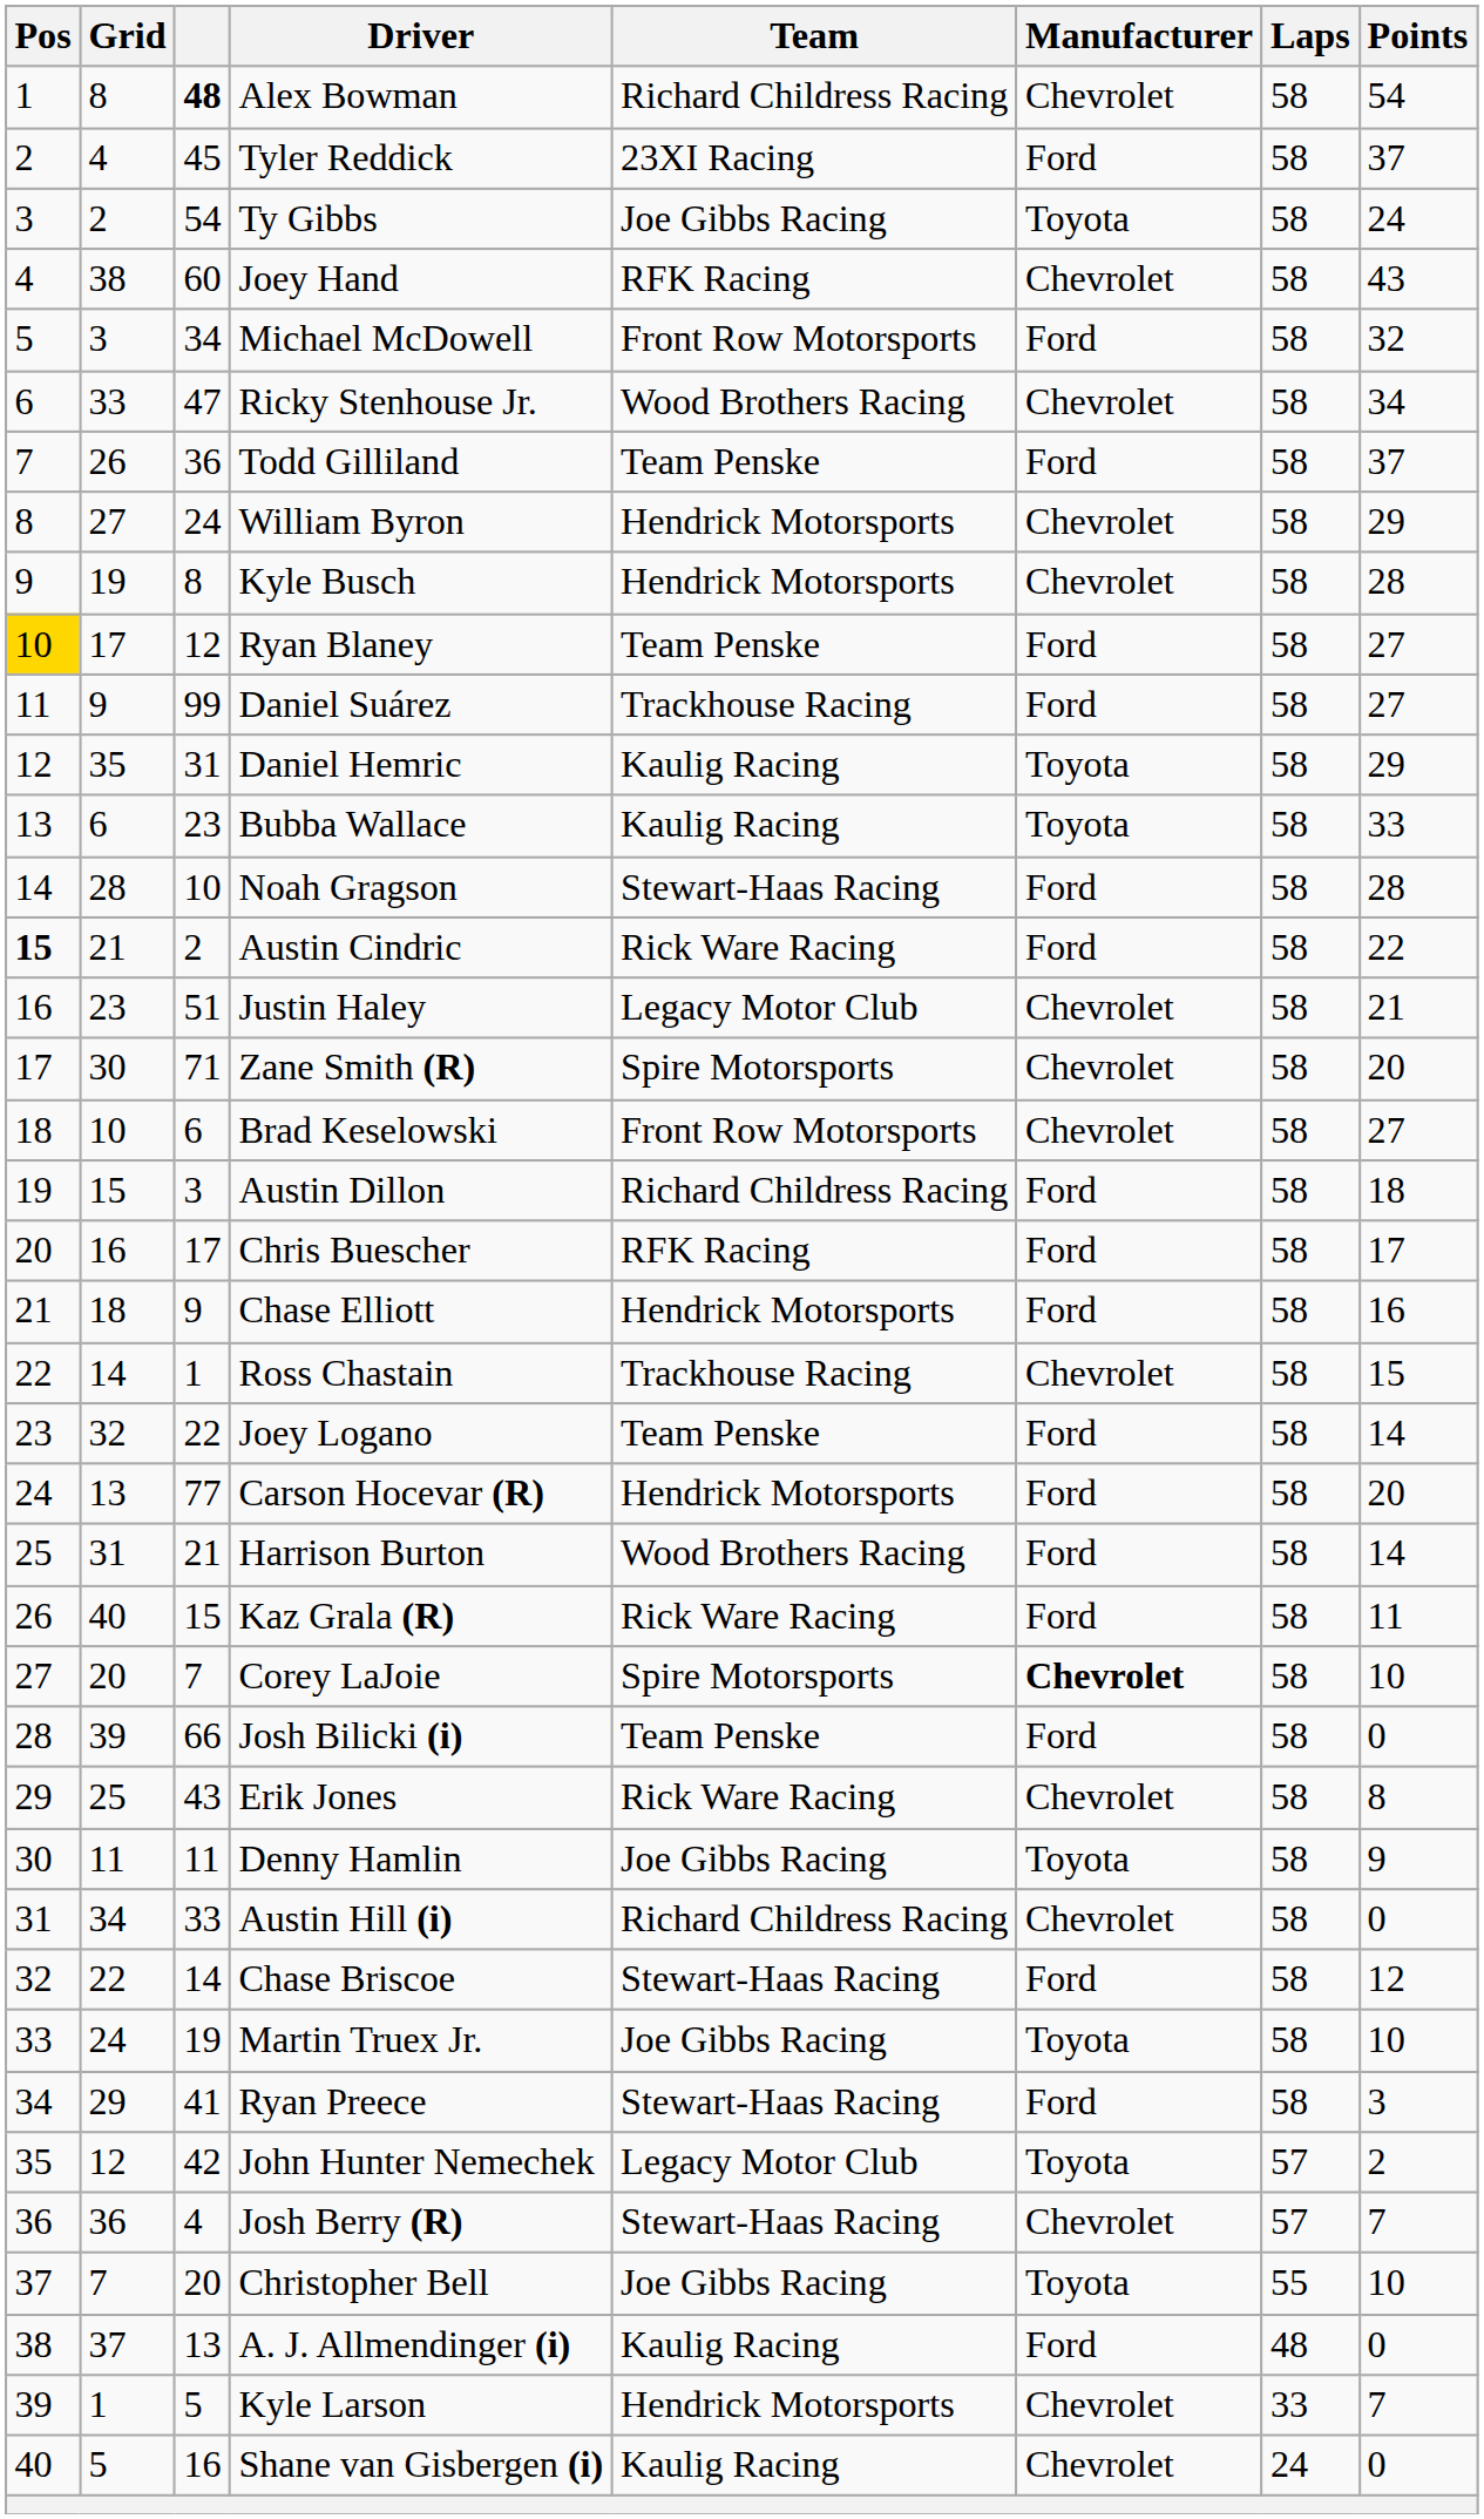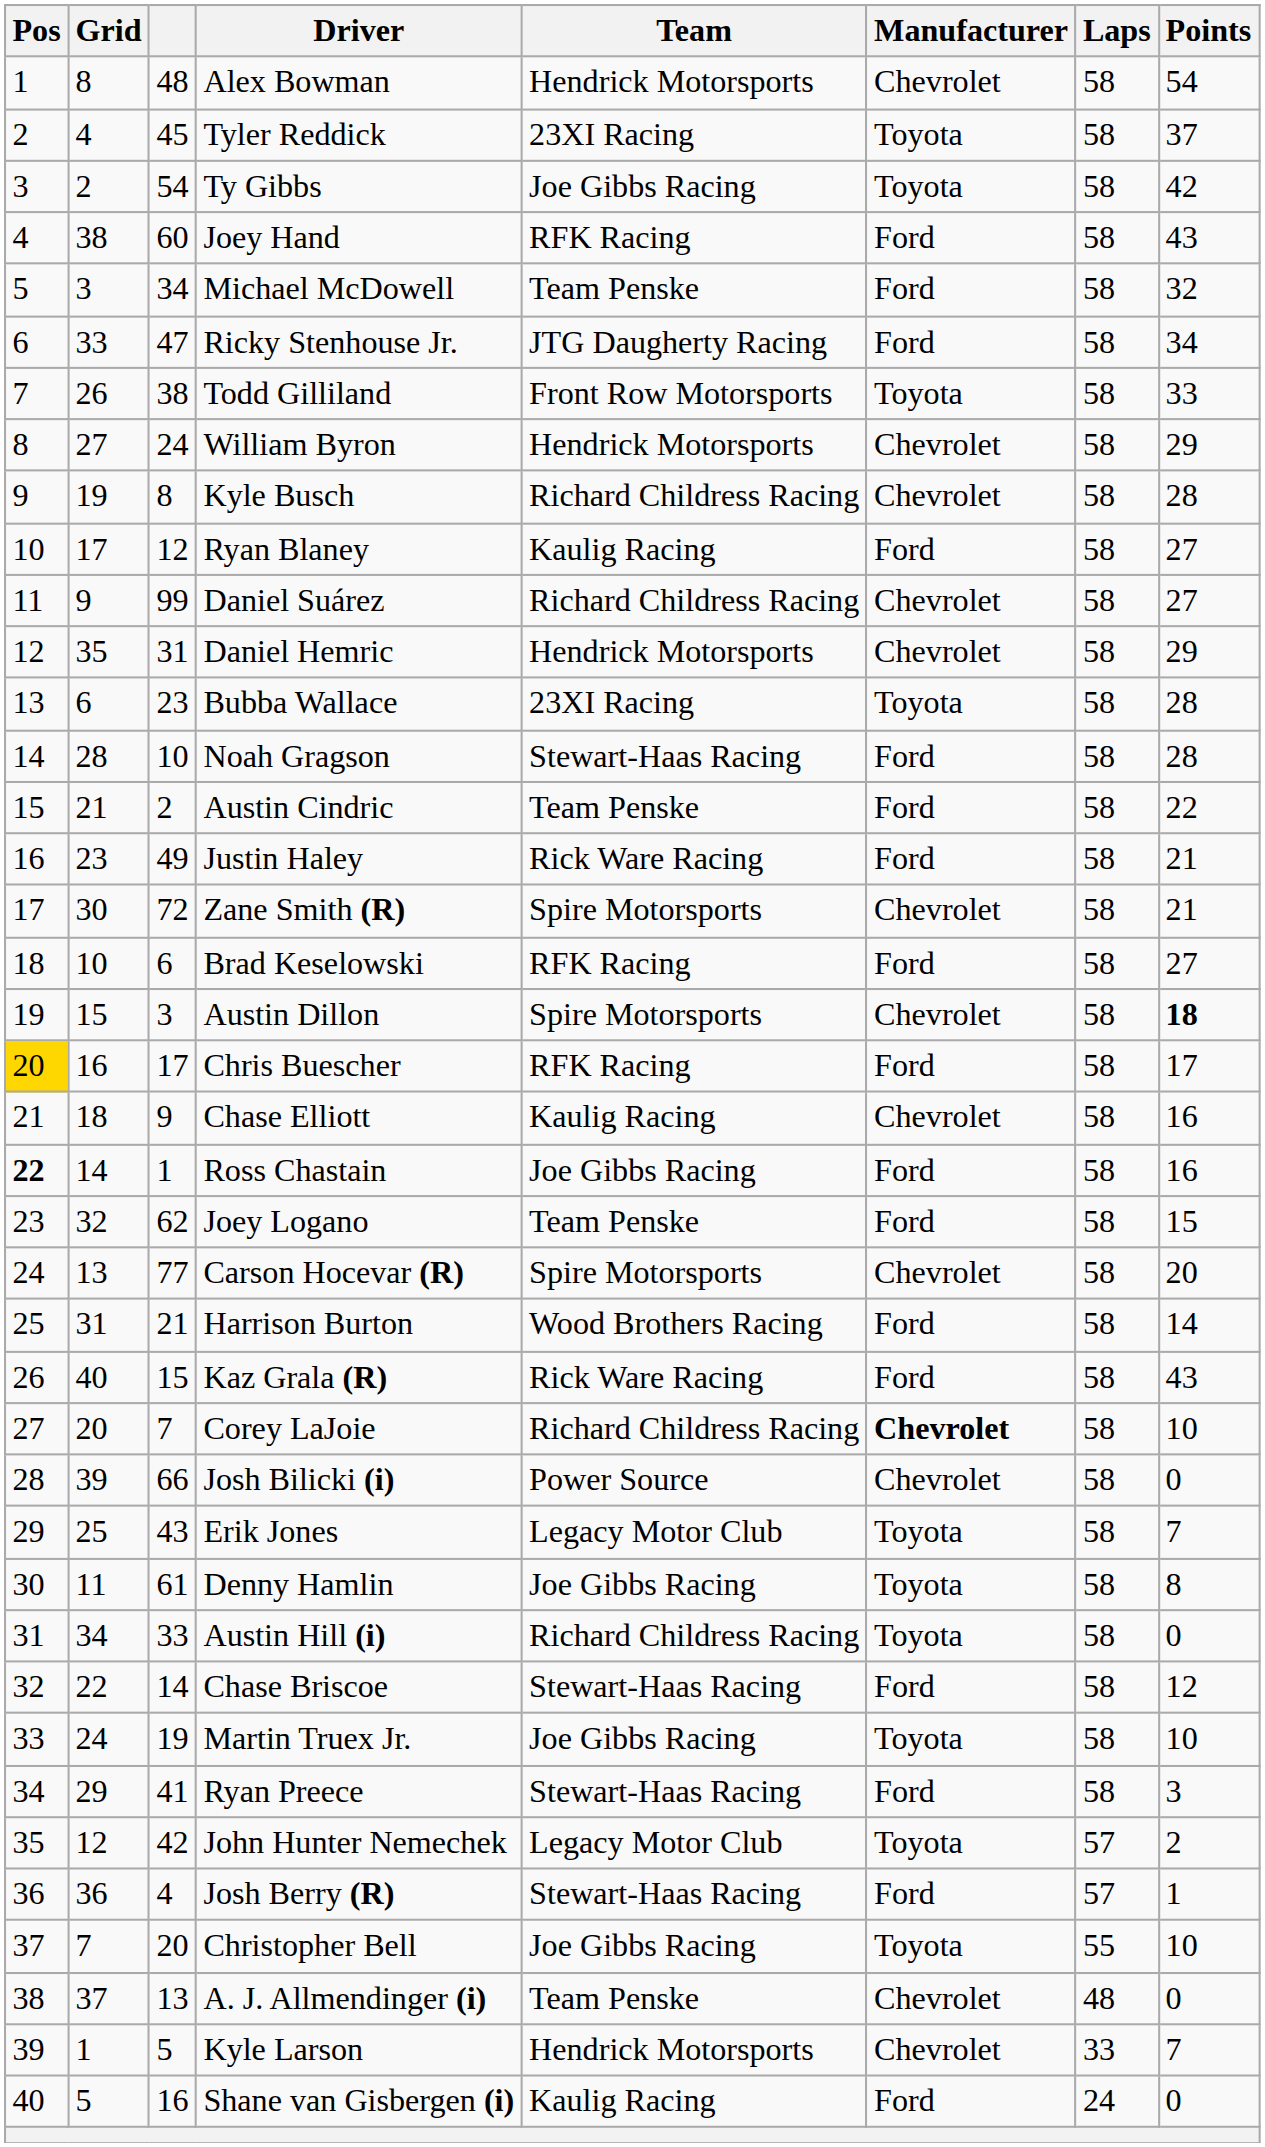 <table class="wikitable" style="font-size:98%">
 <tr>
 <th>Pos</th>
 <th>Grid</th>
 <th></th>
 <th>Driver</th>
 <th>Team</th>
 <th>Manufacturer</th>
 <th>Laps</th>
 <th>Points</th>
 </tr>
 <tr>
 <td>1</td>
 <td>8</td>
-<td><strong>48</strong></td>
+<td>48</td>
 <td>Alex Bowman</td>
-<td>Richard Childress Racing</td>
+<td>Hendrick Motorsports</td>
 <td>Chevrolet</td>
 <td>58</td>
 <td>54</td>
 </tr>
 <tr>
 <td>2</td>
 <td>4</td>
 <td>45</td>
 <td>Tyler Reddick</td>
 <td>23XI Racing</td>
-<td>Ford</td>
+<td>Toyota</td>
 <td>58</td>
 <td>37</td>
 </tr>
 <tr>
 <td>3</td>
 <td>2</td>
 <td>54</td>
 <td>Ty Gibbs</td>
 <td>Joe Gibbs Racing</td>
 <td>Toyota</td>
 <td>58</td>
-<td>24</td>
+<td>42</td>
 </tr>
 <tr>
 <td>4</td>
 <td>38</td>
 <td>60</td>
 <td>Joey Hand</td>
 <td>RFK Racing</td>
-<td>Chevrolet</td>
+<td>Ford</td>
 <td>58</td>
 <td>43</td>
 </tr>
 <tr>
 <td>5</td>
 <td>3</td>
 <td>34</td>
 <td>Michael McDowell</td>
-<td>Front Row Motorsports</td>
+<td>Team Penske</td>
 <td>Ford</td>
 <td>58</td>
 <td>32</td>
 </tr>
 <tr>
 <td>6</td>
 <td>33</td>
 <td>47</td>
 <td>Ricky Stenhouse Jr.</td>
-<td>Wood Brothers Racing</td>
-<td>Chevrolet</td>
+<td>JTG Daugherty Racing</td>
+<td>Ford</td>
 <td>58</td>
 <td>34</td>
 </tr>
 <tr>
 <td>7</td>
 <td>26</td>
-<td>36</td>
+<td>38</td>
 <td>Todd Gilliland</td>
-<td>Team Penske</td>
-<td>Ford</td>
+<td>Front Row Motorsports</td>
+<td>Toyota</td>
 <td>58</td>
-<td>37</td>
+<td>33</td>
 </tr>
 <tr>
 <td>8</td>
 <td>27</td>
 <td>24</td>
 <td>William Byron</td>
 <td>Hendrick Motorsports</td>
 <td>Chevrolet</td>
 <td>58</td>
 <td>29</td>
 </tr>
 <tr>
 <td>9</td>
 <td>19</td>
 <td>8</td>
 <td>Kyle Busch</td>
-<td>Hendrick Motorsports</td>
+<td>Richard Childress Racing</td>
 <td>Chevrolet</td>
 <td>58</td>
 <td>28</td>
 </tr>
 <tr>
-<td style="background: gold;">10</td>
+<td>10</td>
 <td>17</td>
 <td>12</td>
 <td>Ryan Blaney</td>
-<td>Team Penske</td>
+<td>Kaulig Racing</td>
 <td>Ford</td>
 <td>58</td>
 <td>27</td>
 </tr>
 <tr>
 <td>11</td>
 <td>9</td>
 <td>99</td>
 <td>Daniel Suárez</td>
-<td>Trackhouse Racing</td>
-<td>Ford</td>
+<td>Richard Childress Racing</td>
+<td>Chevrolet</td>
 <td>58</td>
 <td>27</td>
 </tr>
 <tr>
 <td>12</td>
 <td>35</td>
 <td>31</td>
 <td>Daniel Hemric</td>
-<td>Kaulig Racing</td>
-<td>Toyota</td>
+<td>Hendrick Motorsports</td>
+<td>Chevrolet</td>
 <td>58</td>
 <td>29</td>
 </tr>
 <tr>
 <td>13</td>
 <td>6</td>
 <td>23</td>
 <td>Bubba Wallace</td>
-<td>Kaulig Racing</td>
+<td>23XI Racing</td>
 <td>Toyota</td>
 <td>58</td>
-<td>33</td>
+<td>28</td>
 </tr>
 <tr>
 <td>14</td>
 <td>28</td>
 <td>10</td>
 <td>Noah Gragson</td>
 <td>Stewart-Haas Racing</td>
 <td>Ford</td>
 <td>58</td>
 <td>28</td>
 </tr>
 <tr>
-<td><strong>15</strong></td>
+<td>15</td>
 <td>21</td>
 <td>2</td>
 <td>Austin Cindric</td>
-<td>Rick Ware Racing</td>
+<td>Team Penske</td>
 <td>Ford</td>
 <td>58</td>
 <td>22</td>
 </tr>
 <tr>
 <td>16</td>
 <td>23</td>
-<td>51</td>
+<td>49</td>
 <td>Justin Haley</td>
-<td>Legacy Motor Club</td>
-<td>Chevrolet</td>
+<td>Rick Ware Racing</td>
+<td>Ford</td>
 <td>58</td>
 <td>21</td>
 </tr>
 <tr>
 <td>17</td>
 <td>30</td>
-<td>71</td>
+<td>72</td>
 <td>Zane Smith <strong>(R)</strong></td>
 <td>Spire Motorsports</td>
 <td>Chevrolet</td>
 <td>58</td>
-<td>20</td>
+<td>21</td>
 </tr>
 <tr>
 <td>18</td>
 <td>10</td>
 <td>6</td>
 <td>Brad Keselowski</td>
-<td>Front Row Motorsports</td>
-<td>Chevrolet</td>
+<td>RFK Racing</td>
+<td>Ford</td>
 <td>58</td>
 <td>27</td>
 </tr>
 <tr>
 <td>19</td>
 <td>15</td>
 <td>3</td>
 <td>Austin Dillon</td>
-<td>Richard Childress Racing</td>
-<td>Ford</td>
+<td>Spire Motorsports</td>
+<td>Chevrolet</td>
 <td>58</td>
-<td>18</td>
+<td><strong>18</strong></td>
 </tr>
 <tr>
-<td>20</td>
+<td style="background: gold;">20</td>
 <td>16</td>
 <td>17</td>
 <td>Chris Buescher</td>
 <td>RFK Racing</td>
 <td>Ford</td>
 <td>58</td>
 <td>17</td>
 </tr>
 <tr>
 <td>21</td>
 <td>18</td>
 <td>9</td>
 <td>Chase Elliott</td>
-<td>Hendrick Motorsports</td>
+<td>Kaulig Racing</td>
+<td>Chevrolet</td>
+<td>58</td>
+<td>16</td>
+</tr>
+<tr>
+<td><strong>22</strong></td>
+<td>14</td>
+<td>1</td>
+<td>Ross Chastain</td>
+<td>Joe Gibbs Racing</td>
 <td>Ford</td>
 <td>58</td>
 <td>16</td>
 </tr>
 <tr>
-<td>22</td>
-<td>14</td>
-<td>1</td>
-<td>Ross Chastain</td>
-<td>Trackhouse Racing</td>
-<td>Chevrolet</td>
-<td>58</td>
-<td>15</td>
-</tr>
-<tr>
 <td>23</td>
 <td>32</td>
-<td>22</td>
+<td>62</td>
 <td>Joey Logano</td>
 <td>Team Penske</td>
 <td>Ford</td>
 <td>58</td>
-<td>14</td>
+<td>15</td>
 </tr>
 <tr>
 <td>24</td>
 <td>13</td>
 <td>77</td>
 <td>Carson Hocevar <strong>(R)</strong></td>
-<td>Hendrick Motorsports</td>
-<td>Ford</td>
+<td>Spire Motorsports</td>
+<td>Chevrolet</td>
 <td>58</td>
 <td>20</td>
 </tr>
 <tr>
 <td>25</td>
 <td>31</td>
 <td>21</td>
 <td>Harrison Burton</td>
 <td>Wood Brothers Racing</td>
 <td>Ford</td>
 <td>58</td>
 <td>14</td>
 </tr>
 <tr>
 <td>26</td>
 <td>40</td>
 <td>15</td>
 <td>Kaz Grala <strong>(R)</strong></td>
 <td>Rick Ware Racing</td>
 <td>Ford</td>
 <td>58</td>
-<td>11</td>
+<td>43</td>
 </tr>
 <tr>
 <td>27</td>
 <td>20</td>
 <td>7</td>
 <td>Corey LaJoie</td>
-<td>Spire Motorsports</td>
+<td>Richard Childress Racing</td>
 <td><strong>Chevrolet</strong></td>
 <td>58</td>
 <td>10</td>
 </tr>
 <tr>
 <td>28</td>
 <td>39</td>
 <td>66</td>
 <td>Josh Bilicki <strong>(i)</strong></td>
-<td>Team Penske</td>
-<td>Ford</td>
+<td>Power Source</td>
+<td>Chevrolet</td>
 <td>58</td>
 <td>0</td>
 </tr>
 <tr>
 <td>29</td>
 <td>25</td>
 <td>43</td>
 <td>Erik Jones</td>
-<td>Rick Ware Racing</td>
-<td>Chevrolet</td>
+<td>Legacy Motor Club</td>
+<td>Toyota</td>
 <td>58</td>
-<td>8</td>
+<td>7</td>
 </tr>
 <tr>
 <td>30</td>
 <td>11</td>
-<td>11</td>
+<td>61</td>
 <td>Denny Hamlin</td>
 <td>Joe Gibbs Racing</td>
 <td>Toyota</td>
 <td>58</td>
-<td>9</td>
+<td>8</td>
 </tr>
 <tr>
 <td>31</td>
 <td>34</td>
 <td>33</td>
 <td>Austin Hill <strong>(i)</strong></td>
 <td>Richard Childress Racing</td>
-<td>Chevrolet</td>
+<td>Toyota</td>
 <td>58</td>
 <td>0</td>
 </tr>
 <tr>
 <td>32</td>
 <td>22</td>
 <td>14</td>
 <td>Chase Briscoe</td>
 <td>Stewart-Haas Racing</td>
 <td>Ford</td>
 <td>58</td>
 <td>12</td>
 </tr>
 <tr>
 <td>33</td>
 <td>24</td>
 <td>19</td>
 <td>Martin Truex Jr.</td>
 <td>Joe Gibbs Racing</td>
 <td>Toyota</td>
 <td>58</td>
 <td>10</td>
 </tr>
 <tr>
 <td>34</td>
 <td>29</td>
 <td>41</td>
 <td>Ryan Preece</td>
 <td>Stewart-Haas Racing</td>
 <td>Ford</td>
 <td>58</td>
 <td>3</td>
 </tr>
 <tr>
 <td>35</td>
 <td>12</td>
 <td>42</td>
 <td>John Hunter Nemechek</td>
 <td>Legacy Motor Club</td>
 <td>Toyota</td>
 <td>57</td>
 <td>2</td>
 </tr>
 <tr>
 <td>36</td>
 <td>36</td>
 <td>4</td>
 <td>Josh Berry <strong>(R)</strong></td>
 <td>Stewart-Haas Racing</td>
-<td>Chevrolet</td>
+<td>Ford</td>
 <td>57</td>
-<td>7</td>
+<td>1</td>
 </tr>
 <tr>
 <td>37</td>
 <td>7</td>
 <td>20</td>
 <td>Christopher Bell</td>
 <td>Joe Gibbs Racing</td>
 <td>Toyota</td>
 <td>55</td>
 <td>10</td>
 </tr>
 <tr>
 <td>38</td>
 <td>37</td>
 <td>13</td>
 <td>A. J. Allmendinger <strong>(i)</strong></td>
-<td>Kaulig Racing</td>
-<td>Ford</td>
+<td>Team Penske</td>
+<td>Chevrolet</td>
 <td>48</td>
 <td>0</td>
 </tr>
 <tr>
 <td>39</td>
 <td>1</td>
 <td>5</td>
 <td>Kyle Larson</td>
 <td>Hendrick Motorsports</td>
 <td>Chevrolet</td>
 <td>33</td>
 <td>7</td>
 </tr>
 <tr>
 <td>40</td>
 <td>5</td>
 <td>16</td>
 <td>Shane van Gisbergen <strong>(i)</strong></td>
 <td>Kaulig Racing</td>
-<td>Chevrolet</td>
+<td>Ford</td>
 <td>24</td>
 <td>0</td>
 </tr>
 <tr>
 <th colspan="8"></th>
 </tr>
 </table>
